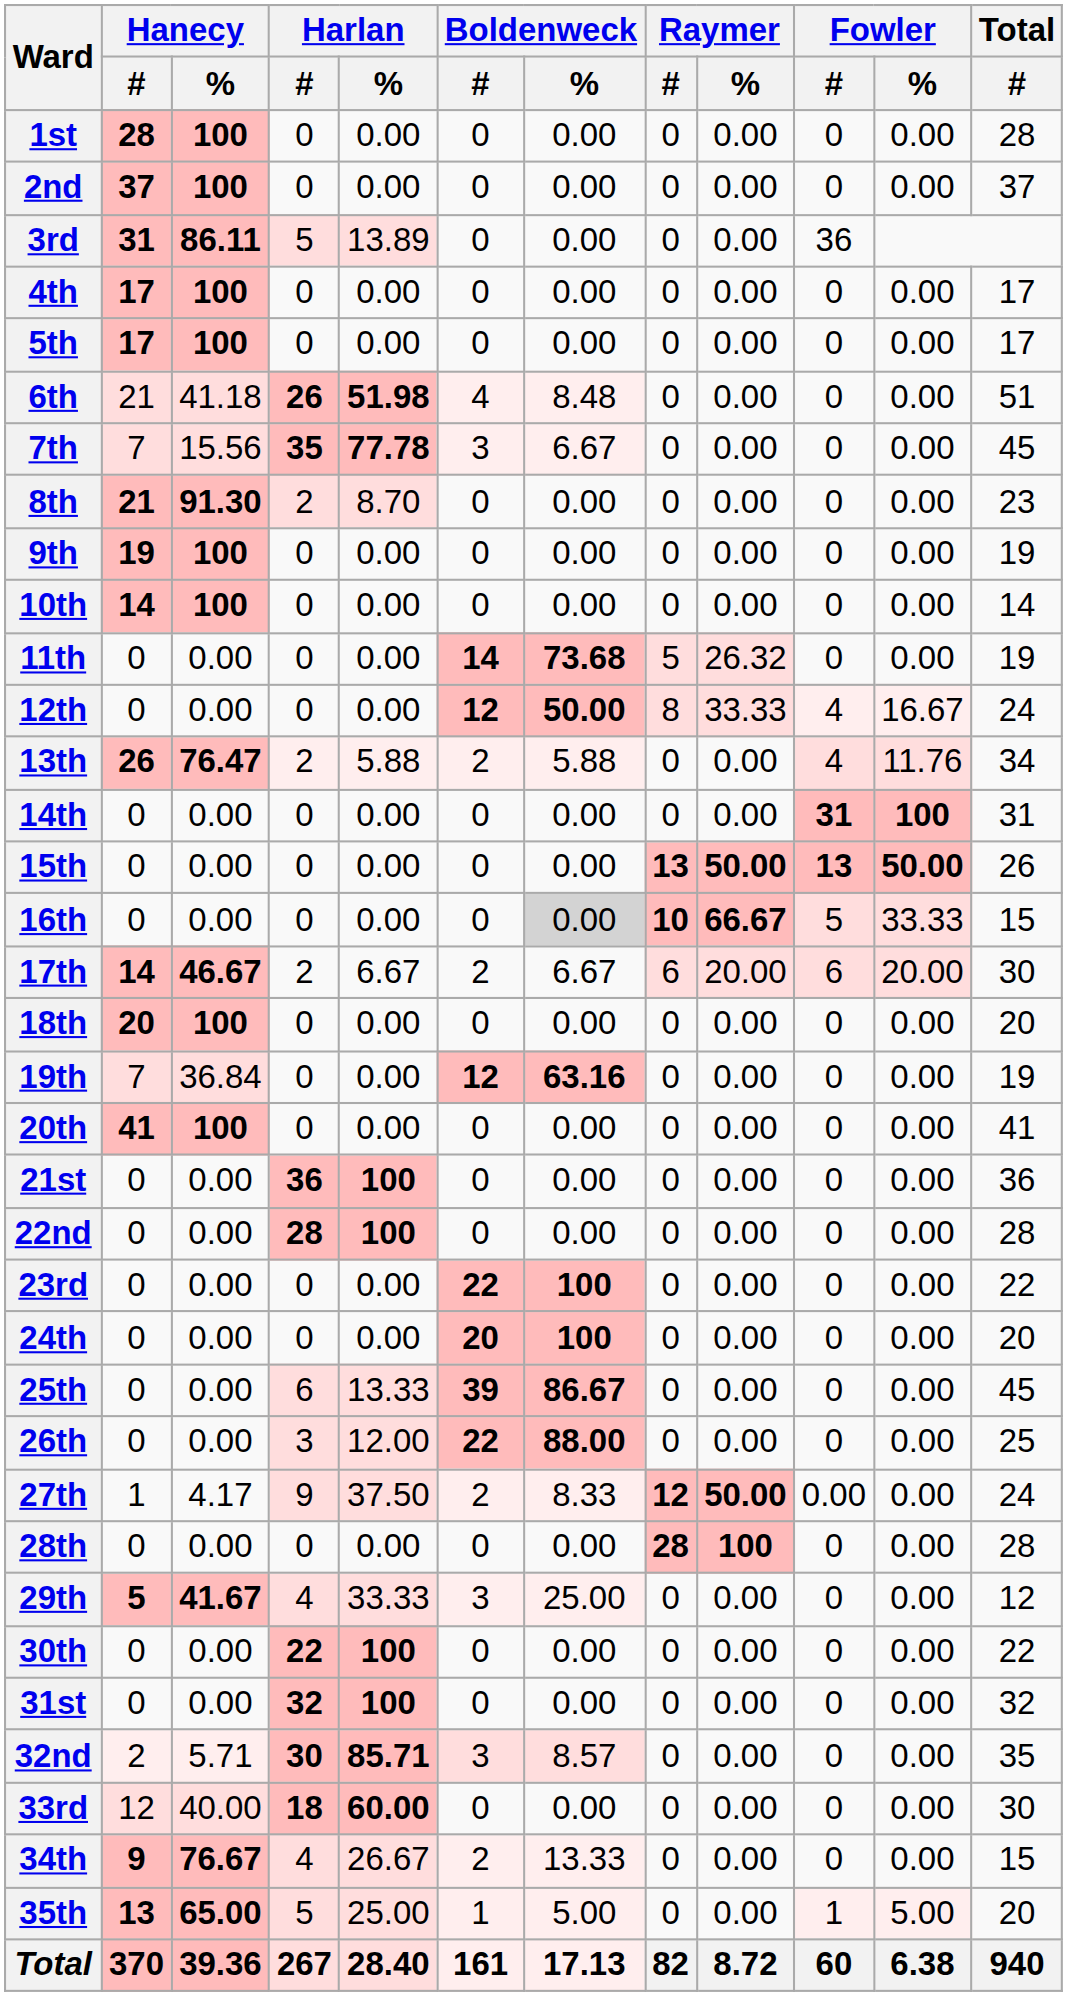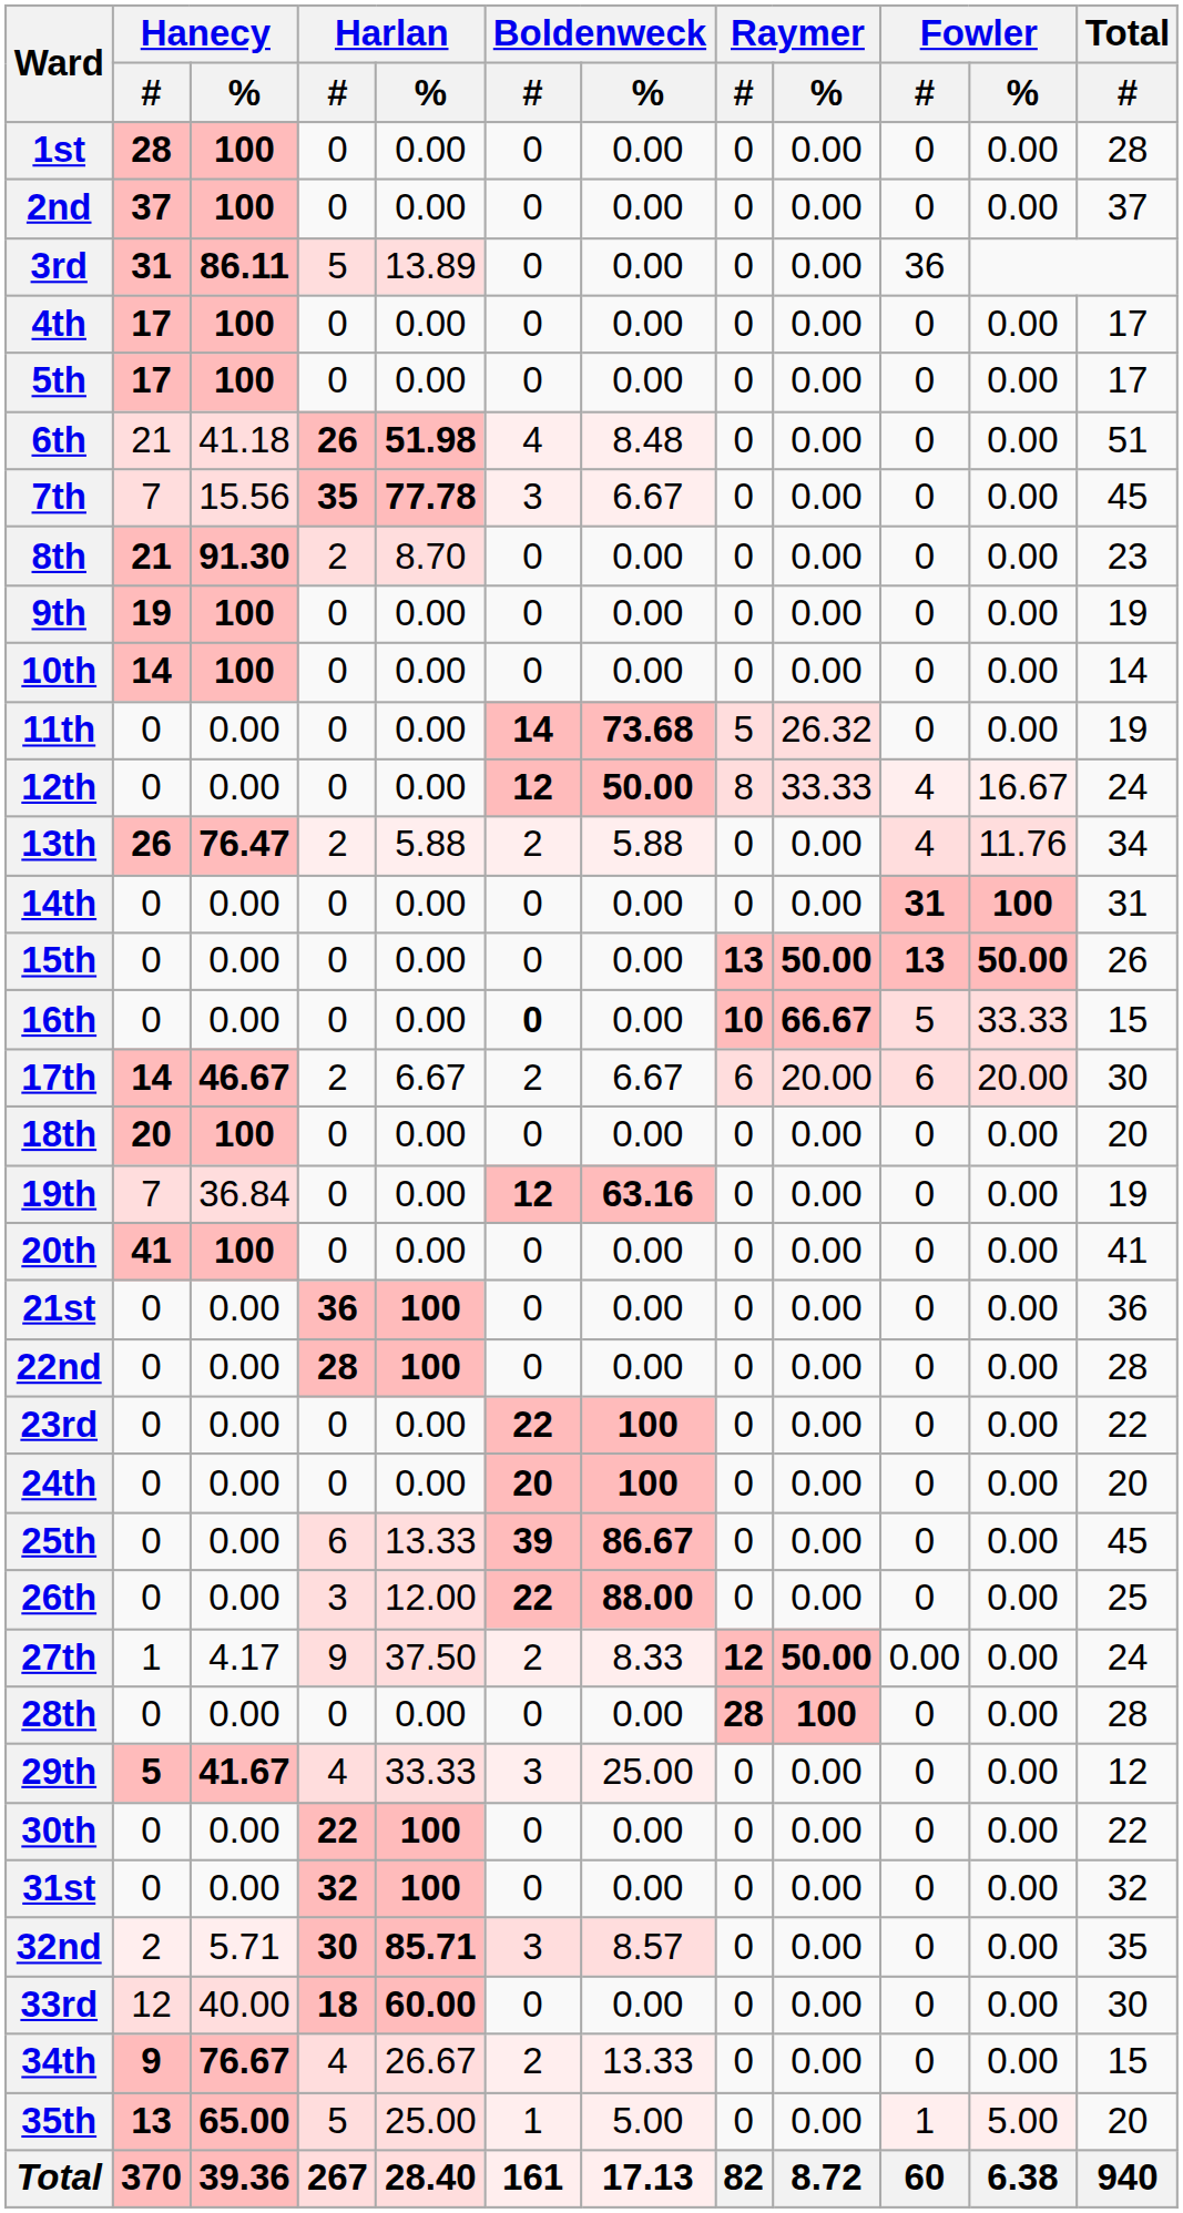 <table class="wikitable mw-collapsible mw-collapsed" style="text-align: center">
 <tr>
 <th rowspan=2>Ward</th>
 <th colspan=2><a href='#'>Hanecy</a></th>
 <th colspan=2><a href='#'>Harlan</a></th>
 <th colspan=2><a href='#'>Boldenweck</a></th>
 <th colspan=2><a href='#'>Raymer</a></th>
 <th colspan=2><a href='#'>Fowler</a></th>
 <th>Total</th>
 </tr>
 <tr>
 <th>#</th>
 <th>%</th>
 <th>#</th>
 <th>%</th>
 <th>#</th>
 <th>%</th>
 <th>#</th>
 <th>%</th>
 <th>#</th>
 <th>%</th>
 <th>#</th>
 </tr>
 <tr>
 <th><a href='#'>1st</a></th>
 <td style="background:#fbb;"><strong>28</strong></td>
 <td style="background:#fbb;"><strong>100</strong></td>
 <td>0</td>
 <td>0.00</td>
 <td>0</td>
 <td>0.00</td>
 <td>0</td>
 <td>0.00</td>
 <td>0</td>
 <td>0.00</td>
 <td>28</td>
 </tr>
 <tr>
 <th><a href='#'>2nd</a></th>
 <td style="background:#fbb;"><strong>37</strong></td>
 <td style="background:#fbb;"><strong>100</strong></td>
 <td>0</td>
 <td>0.00</td>
 <td>0</td>
 <td>0.00</td>
 <td>0</td>
 <td>0.00</td>
 <td>0</td>
 <td>0.00</td>
 <td>37</td>
 </tr>
 <tr>
 <th><a href='#'>3rd</a></th>
 <td style="background:#fbb;"><strong>31</strong></td>
 <td style="background:#fbb;"><strong>86.11</strong></td>
 <td style="background:#fdd;">5</td>
 <td style="background:#fdd;">13.89</td>
 <td>0</td>
 <td>0.00</td>
 <td>0</td>
 <td>0.00</td>
 <td>36</td>
 </tr>
 <tr>
 <th><a href='#'>4th</a></th>
 <td style="background:#fbb;"><strong>17</strong></td>
 <td style="background:#fbb;"><strong>100</strong></td>
 <td>0</td>
 <td>0.00</td>
 <td>0</td>
 <td>0.00</td>
 <td>0</td>
 <td>0.00</td>
 <td>0</td>
 <td>0.00</td>
 <td>17</td>
 </tr>
 <tr>
 <th><a href='#'>5th</a></th>
 <td style="background:#fbb;"><strong>17</strong></td>
 <td style="background:#fbb;"><strong>100</strong></td>
 <td>0</td>
 <td>0.00</td>
 <td>0</td>
 <td>0.00</td>
 <td>0</td>
 <td>0.00</td>
 <td>0</td>
 <td>0.00</td>
 <td>17</td>
 </tr>
 <tr>
 <th><a href='#'>6th</a></th>
 <td style="background:#fdd;">21</td>
 <td style="background:#fdd;">41.18</td>
 <td style="background:#fbb;"><strong>26</strong></td>
 <td style="background:#fbb;"><strong>51.98</strong></td>
 <td style="background:#fee;">4</td>
 <td style="background:#fee;">8.48</td>
 <td>0</td>
 <td>0.00</td>
 <td>0</td>
 <td>0.00</td>
 <td>51</td>
 </tr>
 <tr>
 <th><a href='#'>7th</a></th>
 <td style="background:#fdd;">7</td>
 <td style="background:#fdd;">15.56</td>
 <td style="background:#fbb;"><strong>35</strong></td>
 <td style="background:#fbb;"><strong>77.78</strong></td>
 <td style="background:#fee;">3</td>
 <td style="background:#fee;">6.67</td>
 <td>0</td>
 <td>0.00</td>
 <td>0</td>
 <td>0.00</td>
 <td>45</td>
 </tr>
 <tr>
 <th><a href='#'>8th</a></th>
 <td style="background:#fbb;"><strong>21</strong></td>
 <td style="background:#fbb;"><strong>91.30</strong></td>
 <td style="background:#fdd;">2</td>
 <td style="background:#fdd;">8.70</td>
 <td>0</td>
 <td>0.00</td>
 <td>0</td>
 <td>0.00</td>
 <td>0</td>
 <td>0.00</td>
 <td>23</td>
 </tr>
 <tr>
 <th><a href='#'>9th</a></th>
 <td style="background:#fbb;"><strong>19</strong></td>
 <td style="background:#fbb;"><strong>100</strong></td>
 <td>0</td>
 <td>0.00</td>
 <td>0</td>
 <td>0.00</td>
 <td>0</td>
 <td>0.00</td>
 <td>0</td>
 <td>0.00</td>
 <td>19</td>
 </tr>
 <tr>
 <th><a href='#'>10th</a></th>
 <td style="background:#fbb;"><strong>14</strong></td>
 <td style="background:#fbb;"><strong>100</strong></td>
 <td>0</td>
 <td>0.00</td>
 <td>0</td>
 <td>0.00</td>
 <td>0</td>
 <td>0.00</td>
 <td>0</td>
 <td>0.00</td>
 <td>14</td>
 </tr>
 <tr>
 <th><a href='#'>11th</a></th>
 <td>0</td>
 <td>0.00</td>
 <td>0</td>
 <td>0.00</td>
 <td style="background:#fbb;"><strong>14</strong></td>
 <td style="background:#fbb;"><strong>73.68</strong></td>
 <td style="background:#fdd;">5</td>
 <td style="background:#fdd;">26.32</td>
 <td>0</td>
 <td>0.00</td>
 <td>19</td>
 </tr>
 <tr>
 <th><a href='#'>12th</a></th>
 <td>0</td>
 <td>0.00</td>
 <td>0</td>
 <td>0.00</td>
 <td style="background:#fbb;"><strong>12</strong></td>
 <td style="background:#fbb;"><strong>50.00</strong></td>
 <td style="background:#fdd;">8</td>
 <td style="background:#fdd;">33.33</td>
 <td style="background:#fee;">4</td>
 <td style="background:#fee;">16.67</td>
 <td>24</td>
 </tr>
 <tr>
 <th><a href='#'>13th</a></th>
 <td style="background:#fbb;"><strong>26</strong></td>
 <td style="background:#fbb;"><strong>76.47</strong></td>
 <td style="background:#fee;">2</td>
 <td style="background:#fee;">5.88</td>
 <td style="background:#fee;">2</td>
 <td style="background:#fee;">5.88</td>
 <td>0</td>
 <td>0.00</td>
 <td style="background:#fdd;">4</td>
 <td style="background:#fdd;">11.76</td>
 <td>34</td>
 </tr>
 <tr>
 <th><a href='#'>14th</a></th>
 <td>0</td>
 <td>0.00</td>
 <td>0</td>
 <td>0.00</td>
 <td>0</td>
 <td>0.00</td>
 <td>0</td>
 <td>0.00</td>
 <td style="background:#fbb;"><strong>31</strong></td>
 <td style="background:#fbb;"><strong>100</strong></td>
 <td>31</td>
 </tr>
 <tr>
 <th><a href='#'>15th</a></th>
 <td>0</td>
 <td>0.00</td>
 <td>0</td>
 <td>0.00</td>
 <td>0</td>
 <td>0.00</td>
 <td style="background:#fbb;"><strong>13</strong></td>
 <td style="background:#fbb;"><strong>50.00</strong></td>
 <td style="background:#fbb;"><strong>13</strong></td>
 <td style="background:#fbb;"><strong>50.00</strong></td>
 <td>26</td>
 </tr>
 <tr>
 <th><a href='#'>16th</a></th>
 <td>0</td>
 <td>0.00</td>
 <td>0</td>
 <td>0.00</td>
-<td>0</td>
-<td style="background: lightgrey;">0.00</td>
+<td><strong>0</strong></td>
+<td>0.00</td>
 <td style="background:#fbb;"><strong>10</strong></td>
 <td style="background:#fbb;"><strong>66.67</strong></td>
 <td style="background:#fdd;">5</td>
 <td style="background:#fdd;">33.33</td>
 <td>15</td>
 </tr>
 <tr>
 <th><a href='#'>17th</a></th>
 <td style="background:#fbb;"><strong>14</strong></td>
 <td style="background:#fbb;"><strong>46.67</strong></td>
 <td>2</td>
 <td>6.67</td>
 <td>2</td>
 <td>6.67</td>
 <td style="background:#fdd;">6</td>
 <td style="background:#fdd;">20.00</td>
 <td style="background:#fdd;">6</td>
 <td style="background:#fdd;">20.00</td>
 <td>30</td>
 </tr>
 <tr>
 <th><a href='#'>18th</a></th>
 <td style="background:#fbb;"><strong>20</strong></td>
 <td style="background:#fbb;"><strong>100</strong></td>
 <td>0</td>
 <td>0.00</td>
 <td>0</td>
 <td>0.00</td>
 <td>0</td>
 <td>0.00</td>
 <td>0</td>
 <td>0.00</td>
 <td>20</td>
 </tr>
 <tr>
 <th><a href='#'>19th</a></th>
 <td style="background:#fdd;">7</td>
 <td style="background:#fdd;">36.84</td>
 <td>0</td>
 <td>0.00</td>
 <td style="background:#fbb;"><strong>12</strong></td>
 <td style="background:#fbb;"><strong>63.16</strong></td>
 <td>0</td>
 <td>0.00</td>
 <td>0</td>
 <td>0.00</td>
 <td>19</td>
 </tr>
 <tr>
 <th><a href='#'>20th</a></th>
 <td style="background:#fbb;"><strong>41</strong></td>
 <td style="background:#fbb;"><strong>100</strong></td>
 <td>0</td>
 <td>0.00</td>
 <td>0</td>
 <td>0.00</td>
 <td>0</td>
 <td>0.00</td>
 <td>0</td>
 <td>0.00</td>
 <td>41</td>
 </tr>
 <tr>
 <th><a href='#'>21st</a></th>
 <td>0</td>
 <td>0.00</td>
 <td style="background:#fbb;"><strong>36</strong></td>
 <td style="background:#fbb;"><strong>100</strong></td>
 <td>0</td>
 <td>0.00</td>
 <td>0</td>
 <td>0.00</td>
 <td>0</td>
 <td>0.00</td>
 <td>36</td>
 </tr>
 <tr>
 <th><a href='#'>22nd</a></th>
 <td>0</td>
 <td>0.00</td>
 <td style="background:#fbb;"><strong>28</strong></td>
 <td style="background:#fbb;"><strong>100</strong></td>
 <td>0</td>
 <td>0.00</td>
 <td>0</td>
 <td>0.00</td>
 <td>0</td>
 <td>0.00</td>
 <td>28</td>
 </tr>
 <tr>
 <th><a href='#'>23rd</a></th>
 <td>0</td>
 <td>0.00</td>
 <td>0</td>
 <td>0.00</td>
 <td style="background:#fbb;"><strong>22</strong></td>
 <td style="background:#fbb;"><strong>100</strong></td>
 <td>0</td>
 <td>0.00</td>
 <td>0</td>
 <td>0.00</td>
 <td>22</td>
 </tr>
 <tr>
 <th><a href='#'>24th</a></th>
 <td>0</td>
 <td>0.00</td>
 <td>0</td>
 <td>0.00</td>
 <td style="background:#fbb;"><strong>20</strong></td>
 <td style="background:#fbb;"><strong>100</strong></td>
 <td>0</td>
 <td>0.00</td>
 <td>0</td>
 <td>0.00</td>
 <td>20</td>
 </tr>
 <tr>
 <th><a href='#'>25th</a></th>
 <td>0</td>
 <td>0.00</td>
 <td style="background:#fdd;">6</td>
 <td style="background:#fdd;">13.33</td>
 <td style="background:#fbb;"><strong>39</strong></td>
 <td style="background:#fbb;"><strong>86.67</strong></td>
 <td>0</td>
 <td>0.00</td>
 <td>0</td>
 <td>0.00</td>
 <td>45</td>
 </tr>
 <tr>
 <th><a href='#'>26th</a></th>
 <td>0</td>
 <td>0.00</td>
 <td style="background:#fdd;">3</td>
 <td style="background:#fdd;">12.00</td>
 <td style="background:#fbb;"><strong>22</strong></td>
 <td style="background:#fbb;"><strong>88.00</strong></td>
 <td>0</td>
 <td>0.00</td>
 <td>0</td>
 <td>0.00</td>
 <td>25</td>
 </tr>
 <tr>
 <th><a href='#'>27th</a></th>
 <td>1</td>
 <td>4.17</td>
 <td style="background:#fdd;">9</td>
 <td style="background:#fdd;">37.50</td>
 <td style="background:#fee;">2</td>
 <td style="background:#fee;">8.33</td>
 <td style="background:#fbb;"><strong>12</strong></td>
 <td style="background:#fbb;"><strong>50.00</strong></td>
 <td>0.00</td>
 <td>0.00</td>
 <td>24</td>
 </tr>
 <tr>
 <th><a href='#'>28th</a></th>
 <td>0</td>
 <td>0.00</td>
 <td>0</td>
 <td>0.00</td>
 <td>0</td>
 <td>0.00</td>
 <td style="background:#fbb;"><strong>28</strong></td>
 <td style="background:#fbb;"><strong>100</strong></td>
 <td>0</td>
 <td>0.00</td>
 <td>28</td>
 </tr>
 <tr>
 <th><a href='#'>29th</a></th>
 <td style="background:#fbb;"><strong>5</strong></td>
 <td style="background:#fbb;"><strong>41.67</strong></td>
 <td style="background:#fdd;">4</td>
 <td style="background:#fdd;">33.33</td>
 <td style="background:#fee;">3</td>
 <td style="background:#fee;">25.00</td>
 <td>0</td>
 <td>0.00</td>
 <td>0</td>
 <td>0.00</td>
 <td>12</td>
 </tr>
 <tr>
 <th><a href='#'>30th</a></th>
 <td>0</td>
 <td>0.00</td>
 <td style="background:#fbb;"><strong>22</strong></td>
 <td style="background:#fbb;"><strong>100</strong></td>
 <td>0</td>
 <td>0.00</td>
 <td>0</td>
 <td>0.00</td>
 <td>0</td>
 <td>0.00</td>
 <td>22</td>
 </tr>
 <tr>
 <th><a href='#'>31st</a></th>
 <td>0</td>
 <td>0.00</td>
 <td style="background:#fbb;"><strong>32</strong></td>
 <td style="background:#fbb;"><strong>100</strong></td>
 <td>0</td>
 <td>0.00</td>
 <td>0</td>
 <td>0.00</td>
 <td>0</td>
 <td>0.00</td>
 <td>32</td>
 </tr>
 <tr>
 <th><a href='#'>32nd</a></th>
 <td style="background:#fee;">2</td>
 <td style="background:#fee;">5.71</td>
 <td style="background:#fbb;"><strong>30</strong></td>
 <td style="background:#fbb;"><strong>85.71</strong></td>
 <td style="background:#fdd;">3</td>
 <td style="background:#fdd;">8.57</td>
 <td>0</td>
 <td>0.00</td>
 <td>0</td>
 <td>0.00</td>
 <td>35</td>
 </tr>
 <tr>
 <th><a href='#'>33rd</a></th>
 <td style="background:#fdd;">12</td>
 <td style="background:#fdd;">40.00</td>
 <td style="background:#fbb;"><strong>18</strong></td>
 <td style="background:#fbb;"><strong>60.00</strong></td>
 <td>0</td>
 <td>0.00</td>
 <td>0</td>
 <td>0.00</td>
 <td>0</td>
 <td>0.00</td>
 <td>30</td>
 </tr>
 <tr>
 <th><a href='#'>34th</a></th>
 <td style="background:#fbb;"><strong>9</strong></td>
 <td style="background:#fbb;"><strong>76.67</strong></td>
 <td style="background:#fdd;">4</td>
 <td style="background:#fdd;">26.67</td>
 <td style="background:#fee;">2</td>
 <td style="background:#fee;">13.33</td>
 <td>0</td>
 <td>0.00</td>
 <td>0</td>
 <td>0.00</td>
 <td>15</td>
 </tr>
 <tr>
 <th><a href='#'>35th</a></th>
 <td style="background:#fbb;"><strong>13</strong></td>
 <td style="background:#fbb;"><strong>65.00</strong></td>
 <td style="background:#fdd;">5</td>
 <td style="background:#fdd;">25.00</td>
 <td style="background:#fee;">1</td>
 <td style="background:#fee;">5.00</td>
 <td>0</td>
 <td>0.00</td>
 <td style="background:#fee;">1</td>
 <td style="background:#fee;">5.00</td>
 <td>20</td>
 </tr>
 <tr>
 <th><em>Total</em></th>
 <th style="background:#fbb;">370</th>
 <th style="background:#fbb;">39.36</th>
 <th style="background:#fdd;">267</th>
 <th style="background:#fdd;">28.40</th>
 <th style="background:#fee;">161</th>
 <th style="background:#fee;">17.13</th>
 <th>82</th>
 <th>8.72</th>
 <th>60</th>
 <th>6.38</th>
 <th>940</th>
 </tr>
 </table>
